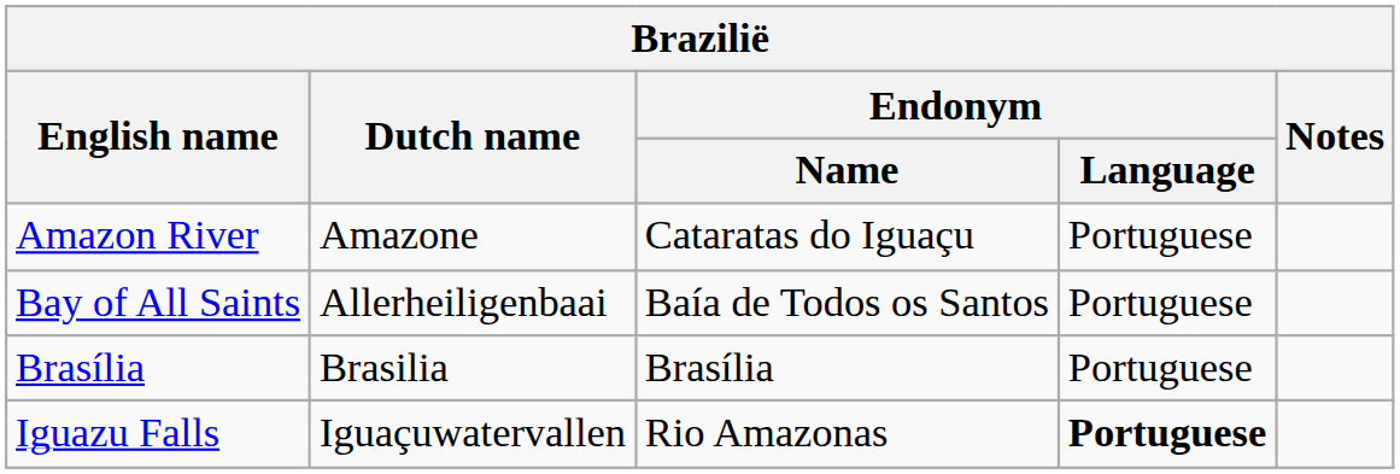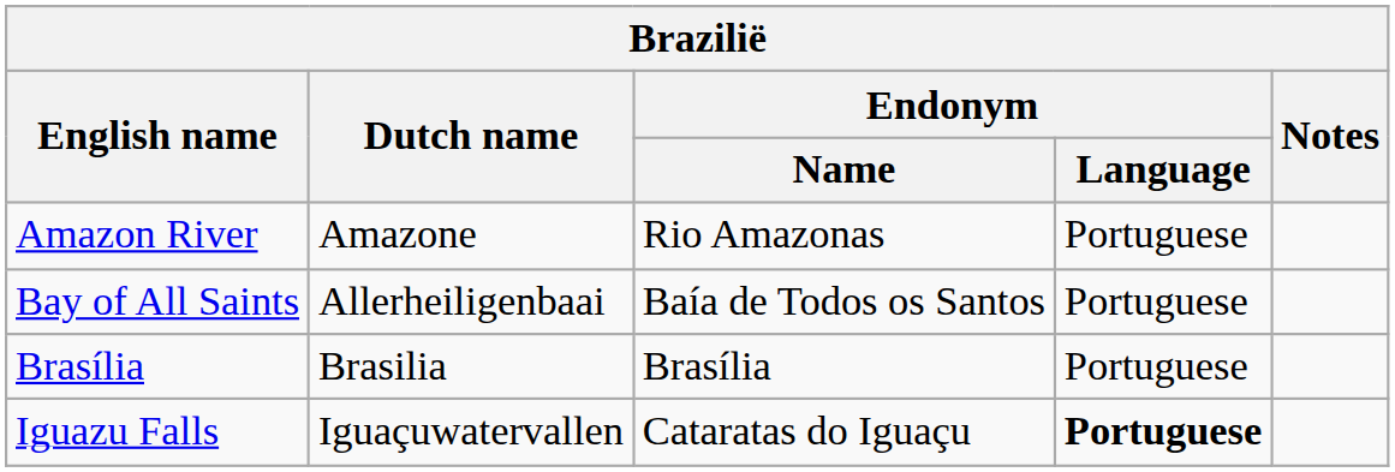 <table class="wikitable sortable">
 <tr>
 <th colspan="5"> Brazilië</th>
 </tr>
 <tr>
 <th rowspan="2">English name</th>
 <th rowspan="2">Dutch name</th>
 <th colspan="2">Endonym</th>
 <th rowspan="2">Notes</th>
 </tr>
 <tr>
 <th>Name</th>
 <th>Language</th>
 </tr>
 <tr>
 <td><a href='#'>Amazon River</a></td>
 <td>Amazone</td>
-<td>Cataratas do Iguaçu</td>
+<td>Rio Amazonas</td>
 <td>Portuguese</td>
 <td></td>
 </tr>
 <tr>
 <td><a href='#'>Bay of All Saints</a></td>
 <td>Allerheiligenbaai</td>
 <td>Baía de Todos os Santos</td>
 <td>Portuguese</td>
 <td></td>
 </tr>
 <tr>
 <td><a href='#'>Brasília</a></td>
 <td>Brasilia</td>
 <td>Brasília</td>
 <td>Portuguese</td>
 <td></td>
 </tr>
 <tr>
 <td><a href='#'>Iguazu Falls</a></td>
 <td>Iguaçuwatervallen</td>
-<td>Rio Amazonas</td>
+<td>Cataratas do Iguaçu</td>
 <td><strong>Portuguese</strong></td>
 <td></td>
 </tr>
 </table>
